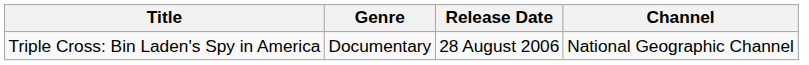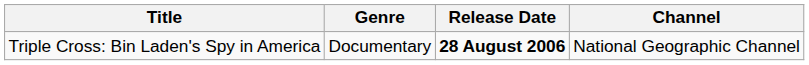 <table class="wikitable sortable">
 <tr>
 <th>Title</th>
 <th>Genre</th>
 <th>Release Date</th>
 <th>Channel</th>
 </tr>
 <tr>
 <td>Triple Cross: Bin Laden's Spy in America</td>
 <td rowspan="6">Documentary</td>
-<td>28 August 2006</td>
+<td><strong>28 August 2006</strong></td>
 <td>National Geographic Channel</td>
 </tr>
 </table>
